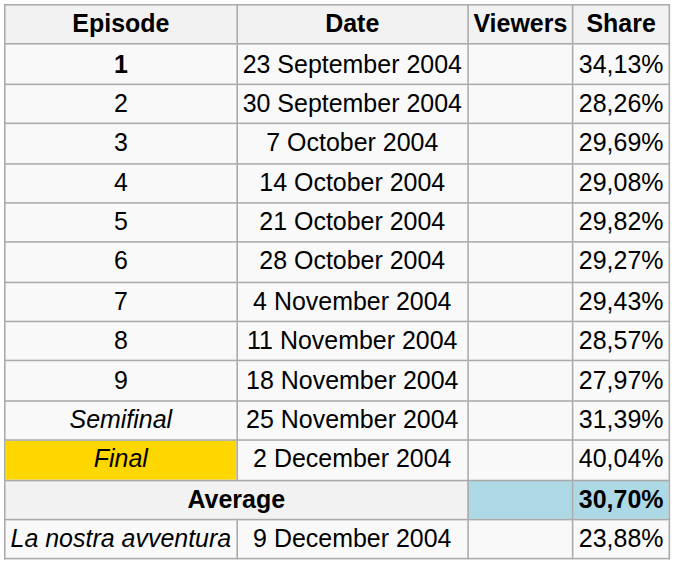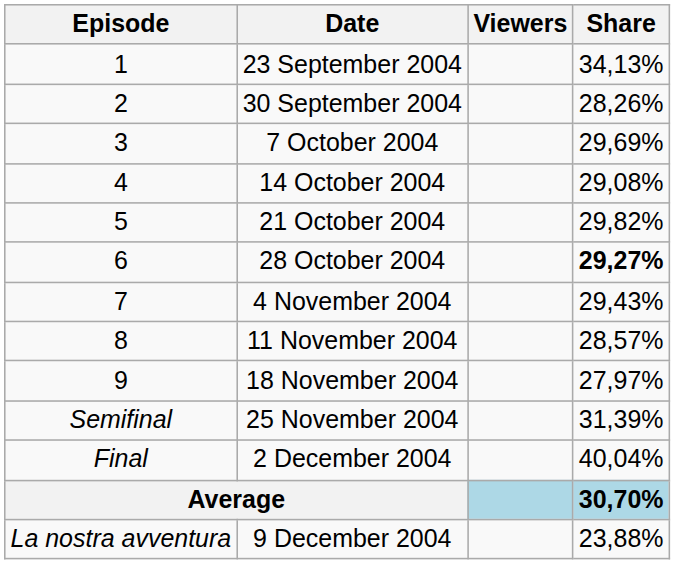 <table class="wikitable" style="text-align:center;">
 <tr>
 <th>Episode</th>
 <th>Date</th>
 <th>Viewers</th>
 <th>Share</th>
 </tr>
 <tr>
-<td><strong>1</strong></td>
+<td>1</td>
 <td>23 September 2004</td>
 <td></td>
 <td>34,13%</td>
 </tr>
 <tr>
 <td>2</td>
 <td>30 September 2004</td>
 <td></td>
 <td>28,26%</td>
 </tr>
 <tr>
 <td>3</td>
 <td>7 October 2004</td>
 <td></td>
 <td>29,69%</td>
 </tr>
 <tr>
 <td>4</td>
 <td>14 October 2004</td>
 <td></td>
 <td>29,08%</td>
 </tr>
 <tr>
 <td>5</td>
 <td>21 October 2004</td>
 <td></td>
 <td>29,82%</td>
 </tr>
 <tr>
 <td>6</td>
 <td>28 October 2004</td>
 <td></td>
-<td>29,27%</td>
+<td><strong>29,27%</strong></td>
 </tr>
 <tr>
 <td>7</td>
 <td>4 November 2004</td>
 <td></td>
 <td>29,43%</td>
 </tr>
 <tr>
 <td>8</td>
 <td>11 November 2004</td>
 <td></td>
 <td>28,57%</td>
 </tr>
 <tr>
 <td>9</td>
 <td>18 November 2004</td>
 <td></td>
 <td>27,97%</td>
 </tr>
 <tr>
 <td><em>Semifinal</em></td>
 <td>25 November 2004</td>
 <td></td>
 <td>31,39%</td>
 </tr>
 <tr>
-<td style="background: gold;"><em>Final</em></td>
+<td><em>Final</em></td>
 <td>2 December 2004</td>
 <td></td>
 <td>40,04%</td>
 </tr>
 <tr>
 <th colspan="2">Average</th>
 <td bgcolor="lightblue"><strong></strong></td>
 <td bgcolor="lightblue"><strong>30,70%</strong></td>
 </tr>
 <tr>
 <td><em>La nostra avventura</em></td>
 <td>9 December 2004</td>
 <td></td>
 <td>23,88%</td>
 </tr>
 </table>
